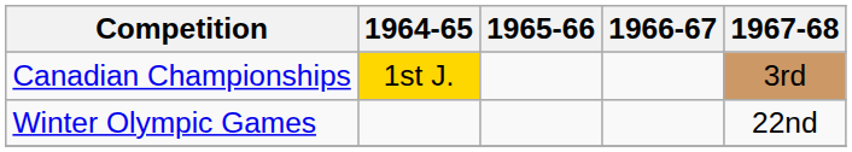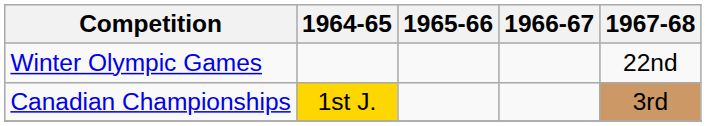 <table class="wikitable">
 <tr>
 <th>Competition</th>
 <th>1964-65</th>
 <th>1965-66</th>
 <th>1966-67</th>
 <th>1967-68</th>
 </tr>
 <tr>
+<td><a href='#'>Winter Olympic Games</a></td>
+<td></td>
+<td></td>
+<td></td>
+<td align="center">22nd</td>
+</tr>
+<tr>
 <td><a href='#'>Canadian Championships</a></td>
 <td align="center" bgcolor="gold">1st J.</td>
 <td></td>
 <td></td>
 <td align="center" bgcolor="#cc9966">3rd</td>
 </tr>
 <tr>
-<td><a href='#'>Winter Olympic Games</a></td>
-<td></td>
-<td></td>
-<td></td>
-<td align="center">22nd</td>
-</tr>
-<tr>
 </tr>
 </table>
